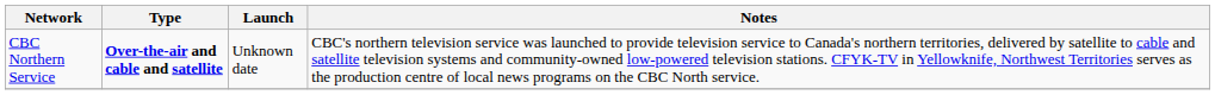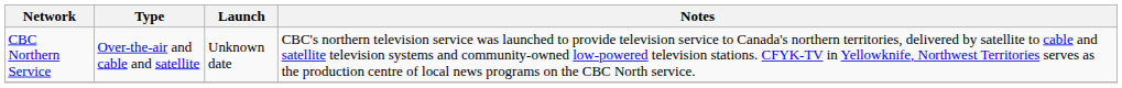 <table class="wikitable">
 <tr>
 <th>Network</th>
 <th>Type</th>
 <th>Launch</th>
 <th>Notes</th>
 </tr>
 <tr>
 <td><a href='#'>CBC Northern Service</a></td>
-<td><strong><a href='#'>Over-the-air</a> and <a href='#'>cable</a> and <a href='#'>satellite</a></strong></td>
+<td><a href='#'>Over-the-air</a> and <a href='#'>cable</a> and <a href='#'>satellite</a></td>
 <td>Unknown date</td>
 <td>CBC's northern television service was launched to provide television service to Canada's northern territories, delivered by satellite to <a href='#'>cable</a> and <a href='#'>satellite</a> television systems and community-owned <a href='#'>low-powered</a> television stations. <a href='#'>CFYK-TV</a> in <a href='#'>Yellowknife, Northwest Territories</a> serves as the production centre of local news programs on the CBC North service.</td>
 </tr>
 <tr>
 </tr>
 </table>
